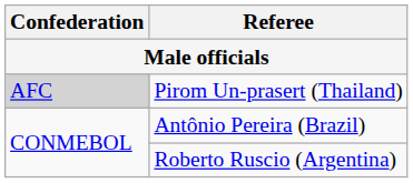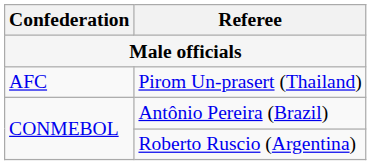 <table class="wikitable">
 <tr>
 <th>Confederation</th>
 <th>Referee</th>
 </tr>
 <tr>
 <td colspan="3" style="text-align:center; background:whitesmoke;"><strong>Male officials</strong></td>
 </tr>
 <tr>
-<td style="background: lightgrey;"><a href='#'>AFC</a></td>
+<td><a href='#'>AFC</a></td>
 <td><a href='#'>Pirom Un-prasert</a> (<a href='#'>Thailand</a>)</td>
 </tr>
 <tr>
 <td rowspan="2"><a href='#'>CONMEBOL</a></td>
 <td><a href='#'>Antônio Pereira</a> (<a href='#'>Brazil</a>)</td>
 </tr>
 <tr>
 <td><a href='#'>Roberto Ruscio</a> (<a href='#'>Argentina</a>)</td>
 </tr>
 </table>
